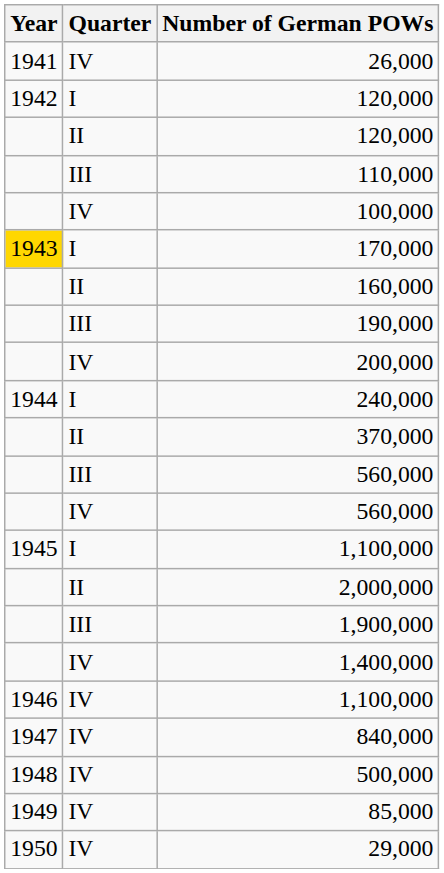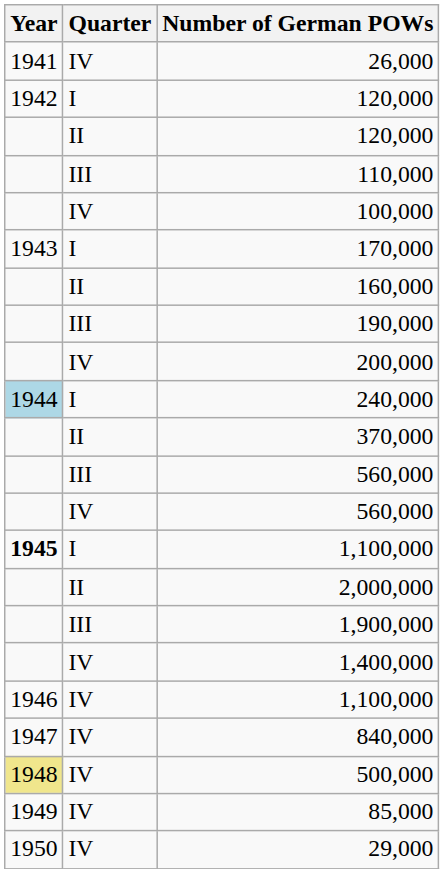 <table class="wikitable">
 <tr>
 <th>Year</th>
 <th>Quarter</th>
 <th>Number of German POWs</th>
 </tr>
 <tr>
 <td>1941</td>
 <td>IV</td>
 <td align="right">26,000</td>
 </tr>
 <tr>
 <td>1942</td>
 <td>I</td>
 <td align="right">120,000</td>
 </tr>
 <tr>
 <td></td>
 <td>II</td>
 <td align="right">120,000</td>
 </tr>
 <tr>
 <td></td>
 <td>III</td>
 <td align="right">110,000</td>
 </tr>
 <tr>
 <td></td>
 <td>IV</td>
 <td align="right">100,000</td>
 </tr>
 <tr>
-<td style="background: gold;">1943</td>
+<td>1943</td>
 <td>I</td>
 <td align="right">170,000</td>
 </tr>
 <tr>
 <td></td>
 <td>II</td>
 <td align="right">160,000</td>
 </tr>
 <tr>
 <td></td>
 <td>III</td>
 <td align="right">190,000</td>
 </tr>
 <tr>
 <td></td>
 <td>IV</td>
 <td align="right">200,000</td>
 </tr>
 <tr>
-<td>1944</td>
+<td style="background: lightblue;">1944</td>
 <td>I</td>
 <td align="right">240,000</td>
 </tr>
 <tr>
 <td></td>
 <td>II</td>
 <td align="right">370,000</td>
 </tr>
 <tr>
 <td></td>
 <td>III</td>
 <td align="right">560,000</td>
 </tr>
 <tr>
 <td></td>
 <td>IV</td>
 <td align="right">560,000</td>
 </tr>
 <tr>
-<td>1945</td>
+<td><strong>1945</strong></td>
 <td>I</td>
 <td align="right">1,100,000</td>
 </tr>
 <tr>
 <td></td>
 <td>II</td>
 <td align="right">2,000,000</td>
 </tr>
 <tr>
 <td></td>
 <td>III</td>
 <td align="right">1,900,000</td>
 </tr>
 <tr>
 <td></td>
 <td>IV</td>
 <td align="right">1,400,000</td>
 </tr>
 <tr>
 <td>1946</td>
 <td>IV</td>
 <td align="right">1,100,000</td>
 </tr>
 <tr>
 <td>1947</td>
 <td>IV</td>
 <td align="right">840,000</td>
 </tr>
 <tr>
-<td>1948</td>
+<td style="background: khaki;">1948</td>
 <td>IV</td>
 <td align="right">500,000</td>
 </tr>
 <tr>
 <td>1949</td>
 <td>IV</td>
 <td align="right">85,000</td>
 </tr>
 <tr>
 <td>1950</td>
 <td>IV</td>
 <td align="right">29,000</td>
 </tr>
 <tr>
 </tr>
 </table>
